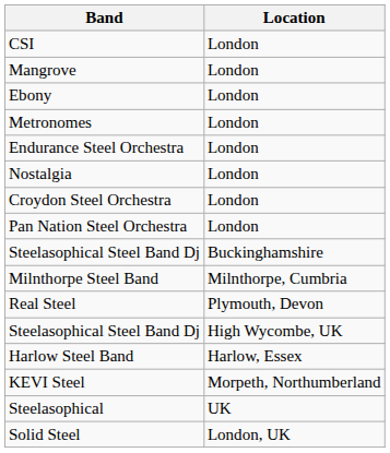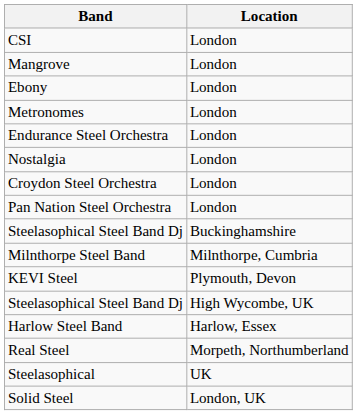 <table class="wikitable">
 <tr>
 <th>Band</th>
 <th>Location</th>
 </tr>
 <tr>
 <td>CSI</td>
 <td>London</td>
 </tr>
 <tr>
 <td>Mangrove</td>
 <td>London</td>
 </tr>
 <tr>
 <td>Ebony</td>
 <td>London</td>
 </tr>
 <tr>
 <td>Metronomes</td>
 <td>London</td>
 </tr>
 <tr>
 <td>Endurance Steel Orchestra</td>
 <td>London</td>
 </tr>
 <tr>
 <td>Nostalgia</td>
 <td>London</td>
 </tr>
 <tr>
 <td>Croydon Steel Orchestra</td>
 <td>London</td>
 </tr>
 <tr>
 <td>Pan Nation Steel Orchestra</td>
 <td>London</td>
 </tr>
 <tr>
 <td>Steelasophical Steel Band Dj</td>
 <td>Buckinghamshire</td>
 </tr>
 <tr>
 <td>Milnthorpe Steel Band </td>
 <td>Milnthorpe, Cumbria</td>
 </tr>
 <tr>
-<td>Real Steel</td>
+<td>KEVI Steel</td>
 <td>Plymouth, Devon</td>
 </tr>
 <tr>
 <td>Steelasophical Steel Band Dj</td>
 <td>High Wycombe, UK</td>
 </tr>
 <tr>
 <td>Harlow Steel Band</td>
 <td>Harlow, Essex</td>
 </tr>
 <tr>
-<td>KEVI Steel</td>
+<td>Real Steel</td>
 <td>Morpeth, Northumberland</td>
 </tr>
 <tr>
 <td>Steelasophical</td>
 <td>UK</td>
 </tr>
 <tr>
 <td>Solid Steel</td>
 <td>London, UK</td>
 </tr>
 </table>
